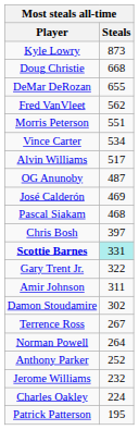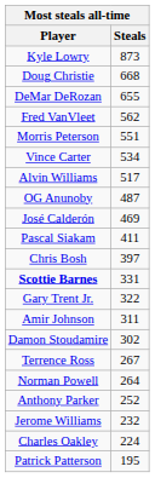 <table class="wikitable sortable" style="text-align:center">
 <tr>
 <th colspan="2">Most steals all-time</th>
 </tr>
 <tr>
 <th>Player</th>
 <th>Steals</th>
 </tr>
 <tr>
 <td><a href='#'>Kyle Lowry</a></td>
 <td>873</td>
 </tr>
 <tr>
 <td><a href='#'>Doug Christie</a></td>
 <td>668</td>
 </tr>
 <tr>
 <td><a href='#'>DeMar DeRozan</a></td>
 <td>655</td>
 </tr>
 <tr>
 <td><a href='#'>Fred VanVleet</a></td>
 <td>562</td>
 </tr>
 <tr>
 <td><a href='#'>Morris Peterson</a></td>
 <td>551</td>
 </tr>
 <tr>
 <td><a href='#'>Vince Carter</a></td>
 <td>534</td>
 </tr>
 <tr>
 <td><a href='#'>Alvin Williams</a></td>
 <td>517</td>
 </tr>
 <tr>
 <td><a href='#'>OG Anunoby</a></td>
 <td>487</td>
 </tr>
 <tr>
 <td><a href='#'>José Calderón</a></td>
 <td>469</td>
 </tr>
 <tr>
 <td><a href='#'>Pascal Siakam</a></td>
-<td>468</td>
+<td>411</td>
 </tr>
 <tr>
 <td><a href='#'>Chris Bosh</a></td>
 <td>397</td>
 </tr>
 <tr>
 <td><strong><a href='#'>Scottie Barnes</a></strong></td>
-<td style="background: paleturquoise;">331</td>
+<td>331</td>
 </tr>
 <tr>
 <td><a href='#'>Gary Trent Jr.</a></td>
 <td>322</td>
 </tr>
 <tr>
 <td><a href='#'>Amir Johnson</a></td>
 <td>311</td>
 </tr>
 <tr>
 <td><a href='#'>Damon Stoudamire</a></td>
 <td>302</td>
 </tr>
 <tr>
 <td><a href='#'>Terrence Ross</a></td>
 <td>267</td>
 </tr>
 <tr>
 <td><a href='#'>Norman Powell</a></td>
 <td>264</td>
 </tr>
 <tr>
 <td><a href='#'>Anthony Parker</a></td>
 <td>252</td>
 </tr>
 <tr>
 <td><a href='#'>Jerome Williams</a></td>
 <td>232</td>
 </tr>
 <tr>
 <td><a href='#'>Charles Oakley</a></td>
 <td>224</td>
 </tr>
 <tr>
 <td><a href='#'>Patrick Patterson</a></td>
 <td>195</td>
 </tr>
 </table>
